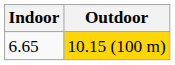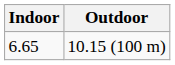 <table class="wikitable" border="1" align="upright">
 <tr>
 <th>Indoor</th>
 <th>Outdoor</th>
 </tr>
 <tr>
 <td>6.65</td>
-<td style="background: gold;">10.15 (100 m)</td>
+<td>10.15 (100 m)</td>
 </tr>
 </table>
